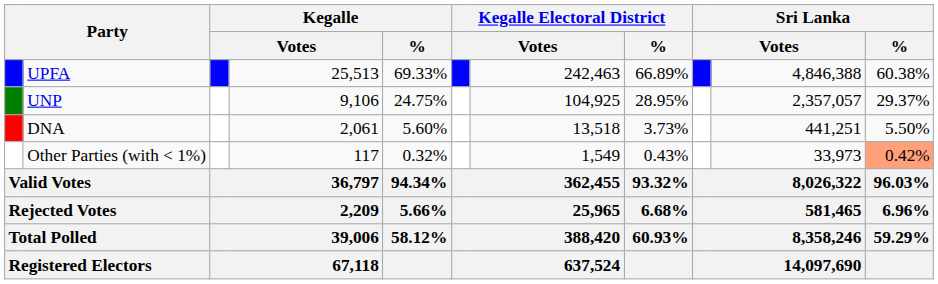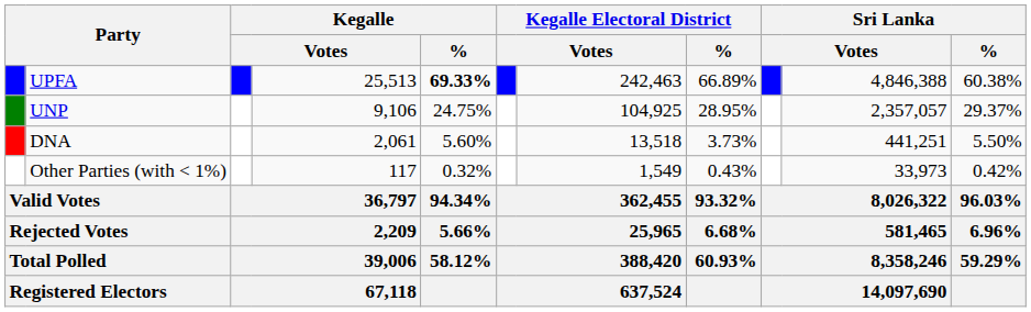 <table class="wikitable">
 <tr>
 <th colspan="2" width="144px"rowspan="2">Party</th>
 <th colspan="3" width="216px">Kegalle</th>
 <th colspan="3" width="216px"><a href='#'>Kegalle Electoral District</a></th>
 <th colspan="3" width="216px">Sri Lanka</th>
 </tr>
 <tr>
 <th colspan="2" width="144px">Votes</th>
 <th>%</th>
 <th colspan="2" width="144px">Votes</th>
 <th>%</th>
 <th colspan="2" width="144px">Votes</th>
 <th>%</th>
 </tr>
 <tr>
 <td style="background-color:blue;" width="10px"></td>
 <td style="text-align:left;"><a href='#'>UPFA</a></td>
 <td style="background-color:blue;" width="10px"></td>
 <td style="text-align:right;">25,513</td>
-<td style="text-align:right;">69.33%</td>
+<td style="text-align:right;"><strong>69.33%</strong></td>
 <td style="background-color:blue;" width="10px"></td>
 <td style="text-align:right;">242,463</td>
 <td style="text-align:right;">66.89%</td>
 <td style="background-color:blue;" width="10px"></td>
 <td style="text-align:right;">4,846,388</td>
 <td style="text-align:right;">60.38%</td>
 </tr>
 <tr>
 <td style="background-color:green;" width="10px"></td>
 <td style="text-align:left;"><a href='#'>UNP</a></td>
 <td style="background-color:white;" width="10px"></td>
 <td style="text-align:right;">9,106</td>
 <td style="text-align:right;">24.75%</td>
 <td style="background-color:white;" width="10px"></td>
 <td style="text-align:right;">104,925</td>
 <td style="text-align:right;">28.95%</td>
 <td style="background-color:white;" width="10px"></td>
 <td style="text-align:right;">2,357,057</td>
 <td style="text-align:right;">29.37%</td>
 </tr>
 <tr>
 <td style="background-color:red;" width="10px"></td>
 <td style="text-align:left;">DNA</td>
 <td style="background-color:white;" width="10px"></td>
 <td style="text-align:right;">2,061</td>
 <td style="text-align:right;">5.60%</td>
 <td style="background-color:white;" width="10px"></td>
 <td style="text-align:right;">13,518</td>
 <td style="text-align:right;">3.73%</td>
 <td style="background-color:white;" width="10px"></td>
 <td style="text-align:right;">441,251</td>
 <td style="text-align:right;">5.50%</td>
 </tr>
 <tr>
 <td style="background-color:white;" width="10px"></td>
 <td style="text-align:left;">Other Parties (with < 1%)</td>
 <td style="background-color:white;" width="10px"></td>
 <td style="text-align:right;">117</td>
 <td style="text-align:right;">0.32%</td>
 <td style="background-color:white;" width="10px"></td>
 <td style="text-align:right;">1,549</td>
 <td style="text-align:right;">0.43%</td>
 <td style="background-color:white;" width="10px"></td>
 <td style="text-align:right;">33,973</td>
-<td style="background: lightsalmon; text-align:right;">0.42%</td>
+<td style="text-align:right;">0.42%</td>
 </tr>
 <tr>
 <th colspan="2" width="144px"style="text-align:left;">Valid Votes</th>
 <th style="text-align:right;"colspan="2" width="144px">36,797</th>
 <th style="text-align:right;">94.34%</th>
 <th style="text-align:right;"colspan="2" width="144px">362,455</th>
 <th style="text-align:right;">93.32%</th>
 <th style="text-align:right;"colspan="2" width="144px">8,026,322</th>
 <th style="text-align:right;">96.03%</th>
 </tr>
 <tr>
 <th colspan="2" width="144px"style="text-align:left;">Rejected Votes</th>
 <th style="text-align:right;"colspan="2" width="144px">2,209</th>
 <th style="text-align:right;">5.66%</th>
 <th style="text-align:right;"colspan="2" width="144px">25,965</th>
 <th style="text-align:right;">6.68%</th>
 <th style="text-align:right;"colspan="2" width="144px">581,465</th>
 <th style="text-align:right;">6.96%</th>
 </tr>
 <tr>
 <th colspan="2" width="144px"style="text-align:left;">Total Polled</th>
 <th style="text-align:right;"colspan="2" width="144px">39,006</th>
 <th style="text-align:right;">58.12%</th>
 <th style="text-align:right;"colspan="2" width="144px">388,420</th>
 <th style="text-align:right;">60.93%</th>
 <th style="text-align:right;"colspan="2" width="144px">8,358,246</th>
 <th style="text-align:right;">59.29%</th>
 </tr>
 <tr>
 <th colspan="2" width="144px"style="text-align:left;">Registered Electors</th>
 <th style="text-align:right;"colspan="2" width="144px">67,118</th>
 <th></th>
 <th style="text-align:right;"colspan="2" width="144px">637,524</th>
 <th></th>
 <th style="text-align:right;"colspan="2" width="144px">14,097,690</th>
 <th></th>
 </tr>
 </table>
